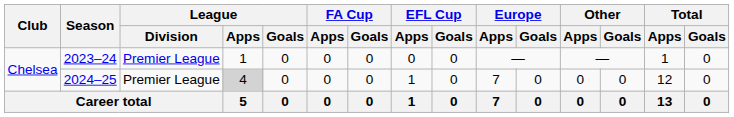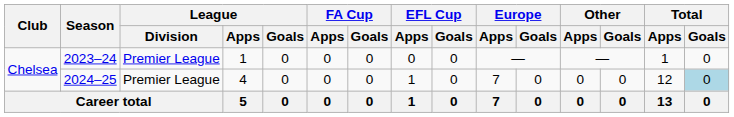 <table class="wikitable" style="text-align:center;">
 <tr>
 <th rowspan="2">Club</th>
 <th rowspan="2">Season</th>
 <th colspan="3">League</th>
 <th colspan="2"><a href='#'>FA Cup</a></th>
 <th colspan="2"><a href='#'>EFL Cup</a></th>
 <th colspan="2"><a href='#'>Europe</a></th>
 <th colspan="2">Other</th>
 <th colspan="2">Total</th>
 </tr>
 <tr>
 <th>Division</th>
 <th>Apps</th>
 <th>Goals</th>
 <th>Apps</th>
 <th>Goals</th>
 <th>Apps</th>
 <th>Goals</th>
 <th>Apps</th>
 <th>Goals</th>
 <th>Apps</th>
 <th>Goals</th>
 <th>Apps</th>
 <th>Goals</th>
 </tr>
 <tr>
 <td rowspan="2"><a href='#'>Chelsea</a></td>
 <td><a href='#'>2023–24</a></td>
 <td><a href='#'>Premier League</a></td>
 <td>1</td>
 <td>0</td>
 <td>0</td>
 <td>0</td>
 <td>0</td>
 <td>0</td>
 <td colspan="2">—</td>
 <td colspan="2">—</td>
 <td>1</td>
 <td>0</td>
 </tr>
 <tr>
 <td><a href='#'>2024–25</a></td>
 <td>Premier League</td>
-<td style="background: lightgrey;">4</td>
+<td>4</td>
 <td>0</td>
 <td>0</td>
 <td>0</td>
 <td>1</td>
 <td>0</td>
 <td>7</td>
 <td>0</td>
 <td>0</td>
 <td>0</td>
 <td>12</td>
-<td>0</td>
+<td style="background: lightblue;">0</td>
 </tr>
 <tr>
 <th colspan="3">Career total</th>
 <th>5</th>
 <th>0</th>
 <th>0</th>
 <th>0</th>
 <th>1</th>
 <th>0</th>
 <th>7</th>
 <th>0</th>
 <th>0</th>
 <th>0</th>
 <th>13</th>
 <th>0</th>
 </tr>
 </table>
